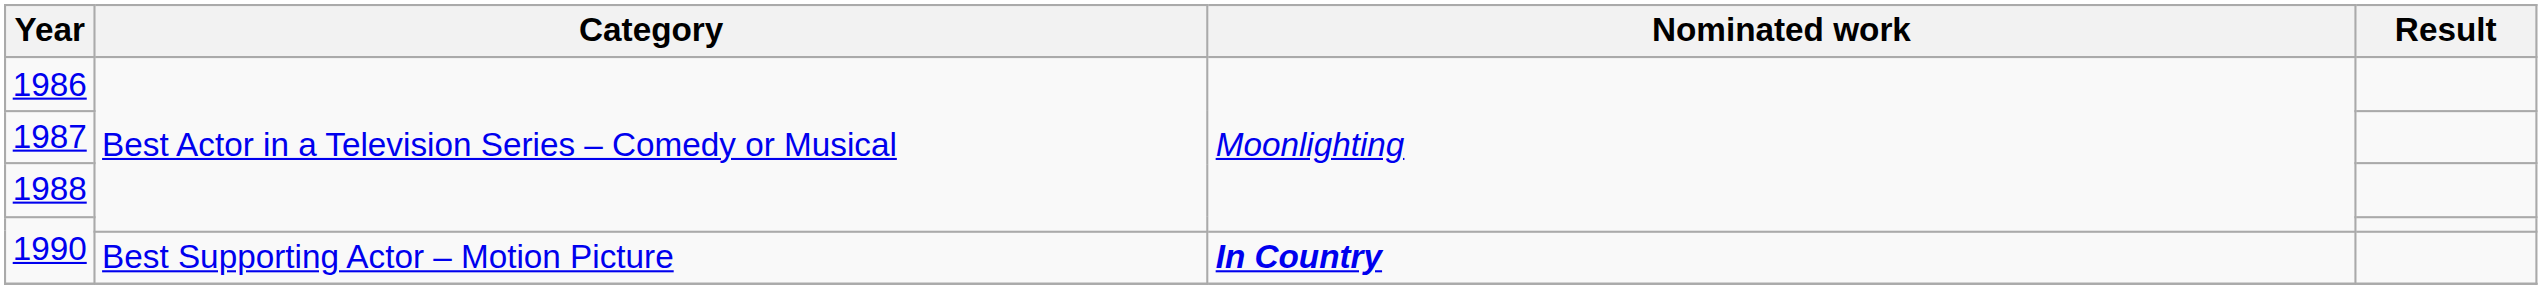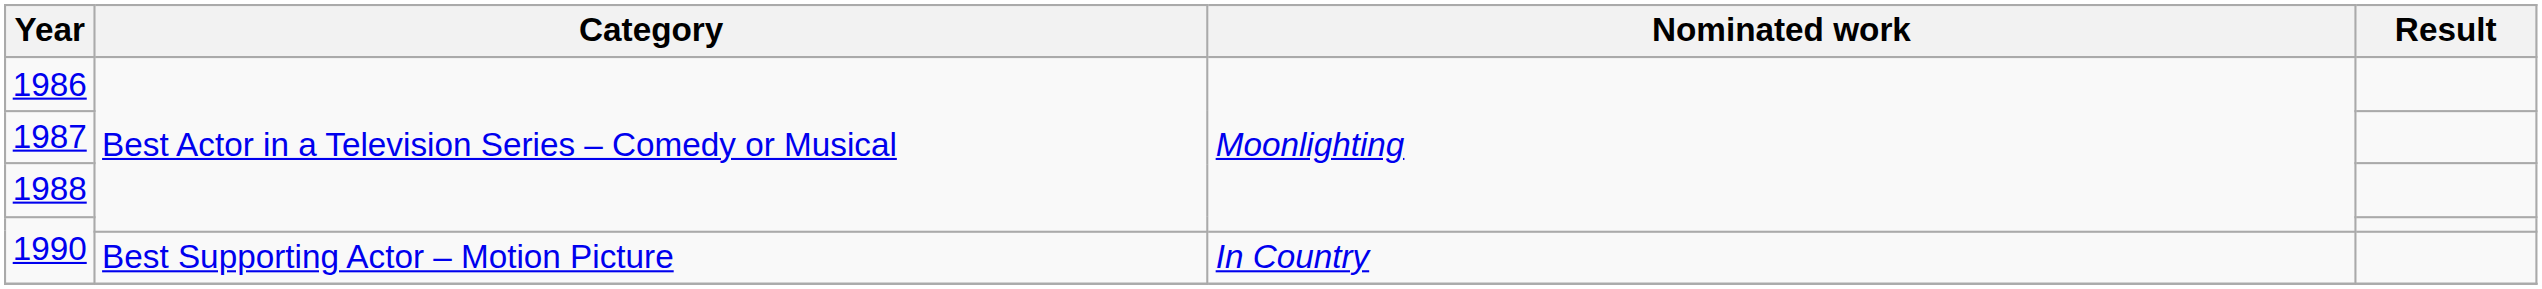 <table class=wikitable>
 <tr>
 <th scope="col" style="width:1em;">Year</th>
 <th scope="col" style="width:33em;">Category</th>
 <th scope="col" style="width:34em;">Nominated work</th>
 <th scope="col" style="width:5em;">Result</th>
 </tr>
 <tr>
 <td><a href='#'>1986</a></td>
 <td rowspan="4"><a href='#'>Best Actor in a Television Series – Comedy or Musical</a></td>
 <td rowspan="4"><em><a href='#'>Moonlighting</a></em></td>
 <td></td>
 </tr>
 <tr>
 <td><a href='#'>1987</a></td>
 <td></td>
 </tr>
 <tr>
 <td><a href='#'>1988</a></td>
 <td></td>
 </tr>
 <tr>
 <td rowspan="2"><a href='#'>1990</a></td>
 <td></td>
 </tr>
 <tr>
 <td><a href='#'>Best Supporting Actor – Motion Picture</a></td>
-<td><strong><em><a href='#'>In Country</a></em></strong></td>
+<td><em><a href='#'>In Country</a></em></td>
 <td></td>
 </tr>
 <tr>
 </tr>
 </table>
